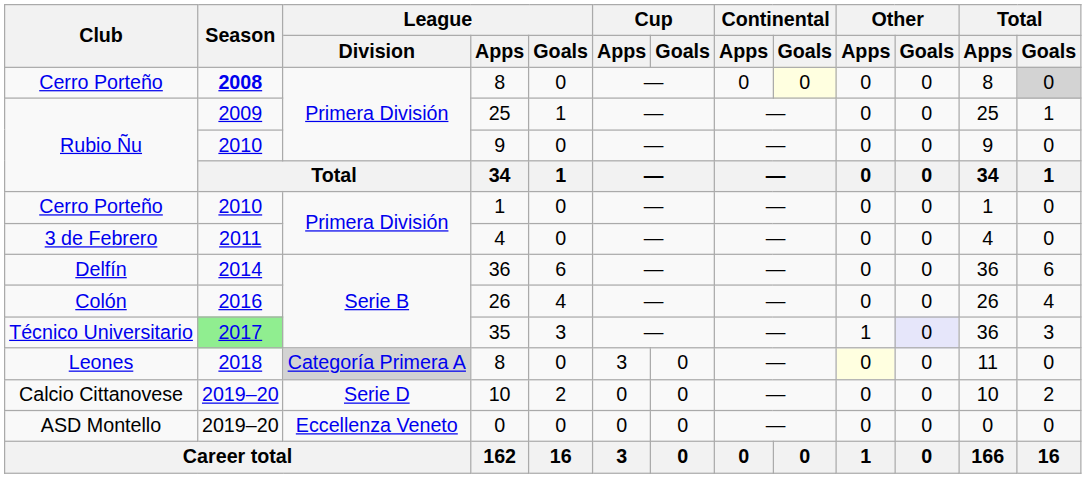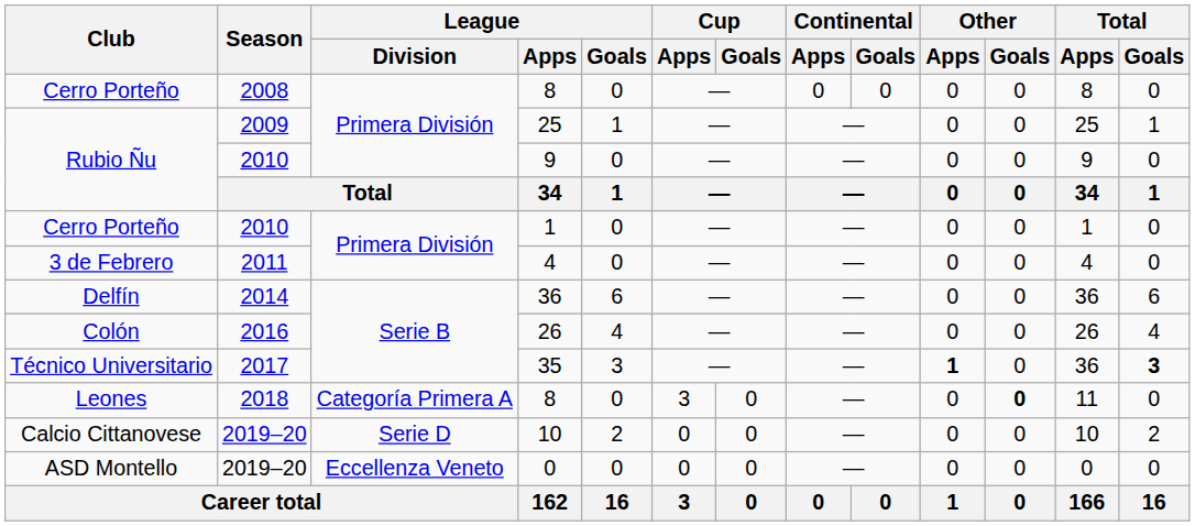 <table class="wikitable" style="text-align:center">
 <tr>
 <th rowspan="2">Club</th>
 <th rowspan="2">Season</th>
 <th colspan="3">League</th>
 <th colspan="2">Cup</th>
 <th colspan="2">Continental</th>
 <th colspan="2">Other</th>
 <th colspan="2">Total</th>
 </tr>
 <tr>
 <th>Division</th>
 <th>Apps</th>
 <th>Goals</th>
 <th>Apps</th>
 <th>Goals</th>
 <th>Apps</th>
 <th>Goals</th>
 <th>Apps</th>
 <th>Goals</th>
 <th>Apps</th>
 <th>Goals</th>
 </tr>
 <tr>
 <td rowspan="1"><a href='#'>Cerro Porteño</a></td>
-<td><strong><a href='#'>2008</a></strong></td>
+<td><a href='#'>2008</a></td>
 <td rowspan="3"><a href='#'>Primera División</a></td>
 <td>8</td>
 <td>0</td>
 <td colspan="2">—</td>
 <td>0</td>
-<td style="background: lightyellow;">0</td>
+<td>0</td>
 <td>0</td>
 <td>0</td>
 <td>8</td>
-<td style="background: lightgrey;">0</td>
+<td>0</td>
 </tr>
 <tr>
 <td rowspan="3"><a href='#'>Rubio Ñu</a></td>
 <td><a href='#'>2009</a></td>
 <td>25</td>
 <td>1</td>
 <td colspan="2">—</td>
 <td colspan="2">—</td>
 <td>0</td>
 <td>0</td>
 <td>25</td>
 <td>1</td>
 </tr>
 <tr>
 <td><a href='#'>2010</a></td>
 <td>9</td>
 <td>0</td>
 <td colspan="2">—</td>
 <td colspan="2">—</td>
 <td>0</td>
 <td>0</td>
 <td>9</td>
 <td>0</td>
 </tr>
 <tr>
 <th colspan="2">Total</th>
 <th>34</th>
 <th>1</th>
 <th colspan="2">—</th>
 <th colspan="2">—</th>
 <th>0</th>
 <th>0</th>
 <th>34</th>
 <th>1</th>
 </tr>
 <tr>
 <td rowspan="1"><a href='#'>Cerro Porteño</a></td>
 <td><a href='#'>2010</a></td>
 <td rowspan="2"><a href='#'>Primera División</a></td>
 <td>1</td>
 <td>0</td>
 <td colspan="2">—</td>
 <td colspan="2">—</td>
 <td>0</td>
 <td>0</td>
 <td>1</td>
 <td>0</td>
 </tr>
 <tr>
 <td rowspan="1"><a href='#'>3 de Febrero</a></td>
 <td><a href='#'>2011</a></td>
 <td>4</td>
 <td>0</td>
 <td colspan="2">—</td>
 <td colspan="2">—</td>
 <td>0</td>
 <td>0</td>
 <td>4</td>
 <td>0</td>
 </tr>
 <tr>
 <td rowspan="1"><a href='#'>Delfín</a></td>
 <td><a href='#'>2014</a></td>
 <td rowspan="3"><a href='#'>Serie B</a></td>
 <td>36</td>
 <td>6</td>
 <td colspan="2">—</td>
 <td colspan="2">—</td>
 <td>0</td>
 <td>0</td>
 <td>36</td>
 <td>6</td>
 </tr>
 <tr>
 <td rowspan="1"><a href='#'>Colón</a></td>
 <td><a href='#'>2016</a></td>
 <td>26</td>
 <td>4</td>
 <td colspan="2">—</td>
 <td colspan="2">—</td>
 <td>0</td>
 <td>0</td>
 <td>26</td>
 <td>4</td>
 </tr>
 <tr>
 <td rowspan="1"><a href='#'>Técnico Universitario</a></td>
-<td style="background: lightgreen;"><a href='#'>2017</a></td>
+<td><a href='#'>2017</a></td>
 <td>35</td>
 <td>3</td>
 <td colspan="2">—</td>
 <td colspan="2">—</td>
-<td>1</td>
-<td style="background: lavender;">0</td>
+<td><strong>1</strong></td>
+<td>0</td>
 <td>36</td>
-<td>3</td>
+<td><strong>3</strong></td>
 </tr>
 <tr>
 <td rowspan="1"><a href='#'>Leones</a></td>
 <td><a href='#'>2018</a></td>
-<td rowspan="1" style="background: lightgrey;"><a href='#'>Categoría Primera A</a></td>
+<td rowspan="1"><a href='#'>Categoría Primera A</a></td>
 <td>8</td>
 <td>0</td>
 <td>3</td>
 <td>0</td>
 <td colspan="2">—</td>
-<td style="background: lightyellow;">0</td>
 <td>0</td>
+<td><strong>0</strong></td>
 <td>11</td>
 <td>0</td>
 </tr>
 <tr>
 <td rowspan="1">Calcio Cittanovese</td>
 <td><a href='#'>2019–20</a></td>
 <td rowspan="1"><a href='#'>Serie D</a></td>
 <td>10</td>
 <td>2</td>
 <td>0</td>
 <td>0</td>
 <td colspan="2">—</td>
 <td>0</td>
 <td>0</td>
 <td>10</td>
 <td>2</td>
 </tr>
 <tr>
 <td rowspan="1">ASD Montello</td>
 <td>2019–20</td>
 <td rowspan="1"><a href='#'>Eccellenza Veneto</a></td>
 <td>0</td>
 <td>0</td>
 <td>0</td>
 <td>0</td>
 <td colspan="2">—</td>
 <td>0</td>
 <td>0</td>
 <td>0</td>
 <td>0</td>
 </tr>
 <tr>
 <th colspan="3">Career total</th>
 <th>162</th>
 <th>16</th>
 <th>3</th>
 <th>0</th>
 <th>0</th>
 <th>0</th>
 <th>1</th>
 <th>0</th>
 <th>166</th>
 <th>16</th>
 </tr>
 </table>
